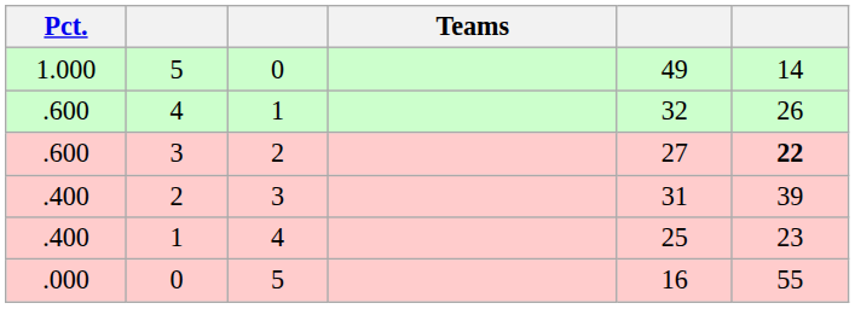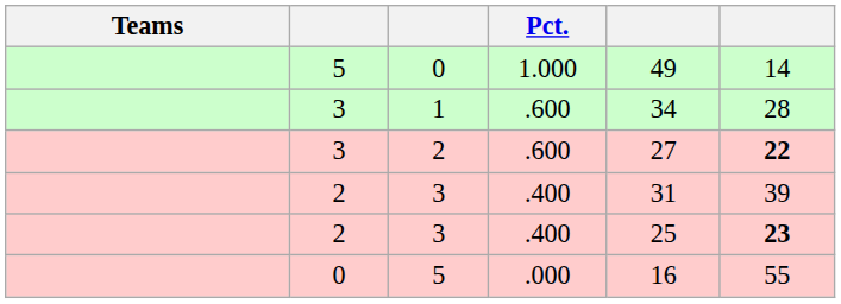 <table class="wikitable" width="40%" style="text-align:center;">
 <tr>
-<th width="8%"><a href='#'>Pct.</a></th>
+<th width="20%">Teams</th>
 <th width="7%"></th>
 <th width="7%"></th>
-<th width="20%">Teams</th>
+<th width="8%"><a href='#'>Pct.</a></th>
 <th width="8%"></th>
 <th width="8%"></th>
 </tr>
 <tr bgcolor="ccffcc">
-<td>1.000</td>
+<td align=left></td>
 <td>5</td>
 <td>0</td>
-<td align=left></td>
+<td>1.000</td>
 <td>49</td>
 <td>14</td>
 </tr>
 <tr bgcolor="ccffcc">
+<td align=left></td>
+<td>3</td>
+<td>1</td>
 <td>.600</td>
-<td>4</td>
-<td>1</td>
-<td align=left></td>
-<td>32</td>
-<td>26</td>
+<td>34</td>
+<td>28</td>
 </tr>
 <tr bgcolor="ffcccc">
-<td>.600</td>
+<td align=left></td>
 <td>3</td>
 <td>2</td>
-<td align=left></td>
+<td>.600</td>
 <td>27</td>
 <td><strong>22</strong></td>
 </tr>
 <tr bgcolor="ffcccc">
-<td>.400</td>
+<td align=left></td>
 <td>2</td>
 <td>3</td>
-<td align=left></td>
+<td>.400</td>
 <td>31</td>
 <td>39</td>
 </tr>
 <tr bgcolor="ffcccc">
+<td align=left></td>
+<td>2</td>
+<td>3</td>
 <td>.400</td>
-<td>1</td>
-<td>4</td>
-<td align=left></td>
 <td>25</td>
-<td>23</td>
+<td><strong>23</strong></td>
 </tr>
 <tr bgcolor="ffcccc">
-<td>.000</td>
+<td align=left></td>
 <td>0</td>
 <td>5</td>
-<td align=left></td>
+<td>.000</td>
 <td>16</td>
 <td>55</td>
 </tr>
 </table>
